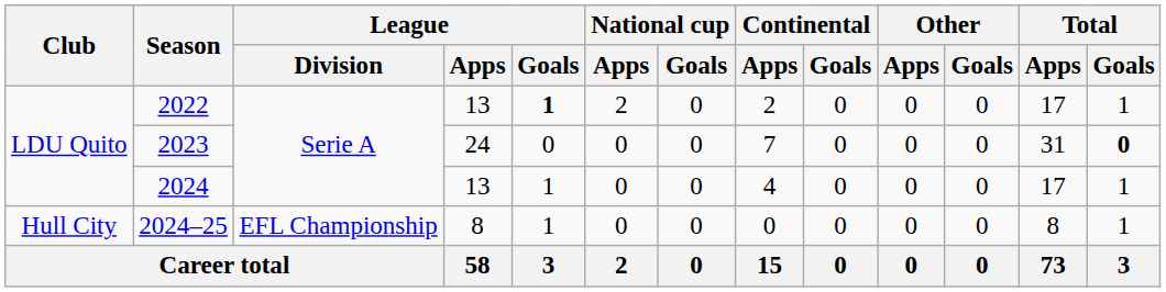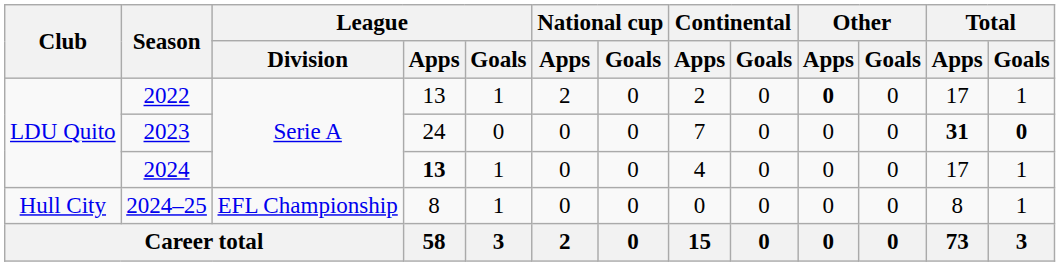 <table class=wikitable style=text-align:center>
 <tr>
 <th rowspan="2">Club</th>
 <th rowspan="2">Season</th>
 <th colspan="3">League</th>
 <th colspan="2">National cup</th>
 <th colspan="2">Continental</th>
 <th colspan="2">Other</th>
 <th colspan="2">Total</th>
 </tr>
 <tr>
 <th>Division</th>
 <th>Apps</th>
 <th>Goals</th>
 <th>Apps</th>
 <th>Goals</th>
 <th>Apps</th>
 <th>Goals</th>
 <th>Apps</th>
 <th>Goals</th>
 <th>Apps</th>
 <th>Goals</th>
 </tr>
 <tr>
 <td rowspan="3"><a href='#'>LDU Quito</a></td>
 <td><a href='#'>2022</a></td>
 <td rowspan="3"><a href='#'>Serie A</a></td>
 <td>13</td>
-<td><strong>1</strong></td>
+<td>1</td>
 <td>2</td>
 <td>0</td>
 <td>2</td>
 <td>0</td>
-<td>0</td>
+<td><strong>0</strong></td>
 <td>0</td>
 <td>17</td>
 <td>1</td>
 </tr>
 <tr>
 <td><a href='#'>2023</a></td>
 <td>24</td>
 <td>0</td>
 <td>0</td>
 <td>0</td>
 <td>7</td>
 <td>0</td>
 <td>0</td>
 <td>0</td>
-<td>31</td>
+<td><strong>31</strong></td>
 <td><strong>0</strong></td>
 </tr>
 <tr>
 <td><a href='#'>2024</a></td>
-<td>13</td>
+<td><strong>13</strong></td>
 <td>1</td>
 <td>0</td>
 <td>0</td>
 <td>4</td>
 <td>0</td>
 <td>0</td>
 <td>0</td>
 <td>17</td>
 <td>1</td>
 </tr>
 <tr>
 <td><a href='#'>Hull City</a></td>
 <td><a href='#'>2024–25</a></td>
 <td><a href='#'>EFL Championship</a></td>
 <td>8</td>
 <td>1</td>
 <td>0</td>
 <td>0</td>
 <td>0</td>
 <td>0</td>
 <td>0</td>
 <td>0</td>
 <td>8</td>
 <td>1</td>
 </tr>
 <tr>
 <th colspan=3>Career total</th>
 <th>58</th>
 <th>3</th>
 <th>2</th>
 <th>0</th>
 <th>15</th>
 <th>0</th>
 <th>0</th>
 <th>0</th>
 <th>73</th>
 <th>3</th>
 </tr>
 </table>
